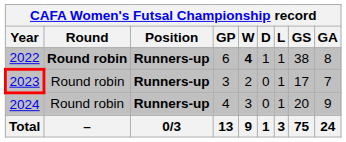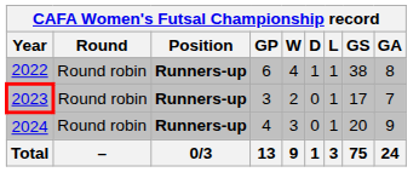 <table class="wikitable" style="text-align: center;font-size:90%;">
 <tr>
 <th colspan=9><a href='#'>CAFA Women's Futsal Championship</a> record</th>
 </tr>
 <tr>
 <th>Year</th>
 <th>Round</th>
 <th>Position</th>
 <th>GP</th>
 <th>W</th>
 <th>D</th>
 <th>L</th>
 <th>GS</th>
 <th>GA</th>
 </tr>
 <tr style="background:silver;">
 <td> <a href='#'>2022</a></td>
-<td><strong>Round robin</strong></td>
+<td>Round robin</td>
 <td><strong>Runners-up</strong></td>
 <td>6</td>
-<td><strong>4</strong></td>
+<td>4</td>
 <td>1</td>
 <td>1</td>
 <td>38</td>
 <td>8</td>
 </tr>
 <tr style="background:silver;">
 <td style="border: 3px solid red"> <a href='#'>2023</a></td>
 <td>Round robin</td>
 <td><strong>Runners-up</strong></td>
 <td>3</td>
 <td>2</td>
 <td>0</td>
 <td>1</td>
 <td>17</td>
 <td>7</td>
 </tr>
 <tr style="background:silver;">
 <td> <a href='#'>2024</a></td>
 <td>Round robin</td>
 <td><strong>Runners-up</strong></td>
 <td>4</td>
 <td>3</td>
 <td>0</td>
 <td>1</td>
 <td>20</td>
 <td>9</td>
 </tr>
 <tr>
 <th><strong>Total</strong></th>
 <th>–</th>
 <th><strong>0/3</strong></th>
 <th><strong>13</strong></th>
 <th><strong>9</strong></th>
 <th><strong>1</strong></th>
 <th><strong>3</strong></th>
 <th><strong>75</strong></th>
 <th><strong>24</strong></th>
 </tr>
 </table>
